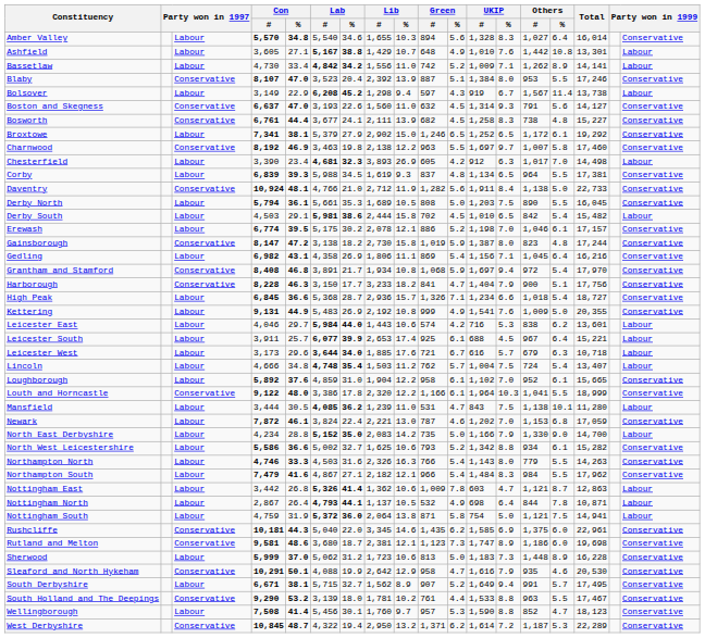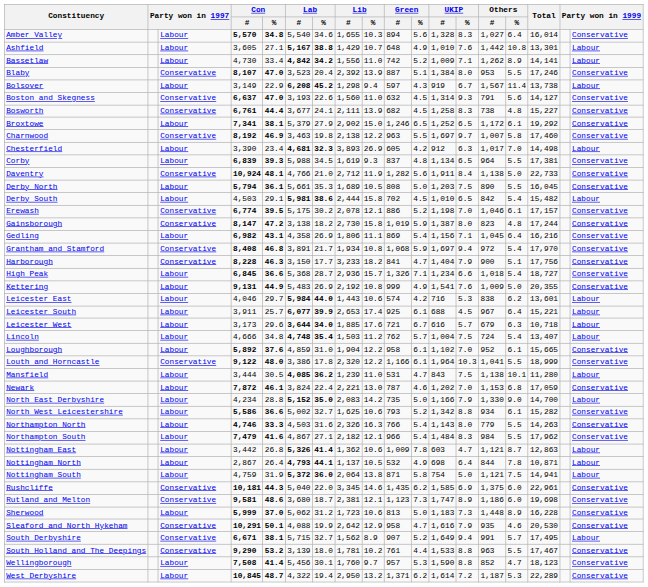 <table class="wikitable sortable" style="font-size: 95%;">
 <tr>
 <th rowspan="2">Constituency</th>
 <th colspan="2" rowspan="2">Party won in <a href='#'>1997</a></th>
 <th colspan="2"><a href='#'>Con</a></th>
 <th colspan="2"><a href='#'>Lab</a></th>
 <th colspan="2"><a href='#'>Lib</a></th>
 <th colspan="2"><a href='#'>Green</a></th>
 <th colspan="2"><a href='#'>UKIP</a></th>
 <th colspan="2">Others</th>
 <th rowspan="2">Total</th>
 <th colspan="2" rowspan="2">Party won in <a href='#'>1999</a></th>
 </tr>
 <tr>
 <th>#</th>
 <th>%</th>
 <th>#</th>
 <th>%</th>
 <th>#</th>
 <th>%</th>
 <th>#</th>
 <th>%</th>
 <th>#</th>
 <th>%</th>
 <th>#</th>
 <th>%</th>
 </tr>
 <tr>
 <td><a href='#'>Amber Valley</a></td>
 <td style="color:inherit;background:"> </td>
 <td><a href='#'>Labour</a></td>
 <td><strong>5,570</strong></td>
 <td><strong>34.8</strong></td>
 <td>5,540</td>
 <td>34.6</td>
 <td>1,655</td>
 <td>10.3</td>
 <td>894</td>
 <td>5.6</td>
 <td>1,328</td>
 <td>8.3</td>
 <td>1,027</td>
 <td>6.4</td>
 <td>16,014</td>
 <td style="color:inherit;background:"> </td>
 <td><a href='#'>Conservative</a></td>
 </tr>
 <tr>
 <td><a href='#'>Ashfield</a></td>
 <td style="color:inherit;background:"> </td>
 <td><a href='#'>Labour</a></td>
 <td>3,605</td>
 <td>27.1</td>
 <td><strong>5,167</strong></td>
 <td><strong>38.8</strong></td>
 <td>1,429</td>
 <td>10.7</td>
 <td>648</td>
 <td>4.9</td>
 <td>1,010</td>
 <td>7.6</td>
 <td>1,442</td>
 <td>10.8</td>
 <td>13,301</td>
 <td style="color:inherit;background:"> </td>
 <td><a href='#'>Labour</a></td>
 </tr>
 <tr>
 <td><a href='#'>Bassetlaw</a></td>
 <td style="color:inherit;background:"> </td>
 <td><a href='#'>Labour</a></td>
 <td>4,730</td>
 <td>33.4</td>
 <td><strong>4,842</strong></td>
 <td><strong>34.2</strong></td>
 <td>1,556</td>
 <td>11.0</td>
 <td>742</td>
 <td>5.2</td>
 <td>1,009</td>
 <td>7.1</td>
 <td>1,262</td>
 <td>8.9</td>
 <td>14,141</td>
 <td style="color:inherit;background:"> </td>
 <td><a href='#'>Labour</a></td>
 </tr>
 <tr>
 <td><a href='#'>Blaby</a></td>
 <td style="color:inherit;background:"> </td>
 <td><a href='#'>Conservative</a></td>
 <td><strong>8,107</strong></td>
 <td><strong>47.0</strong></td>
 <td>3,523</td>
 <td>20.4</td>
 <td>2,392</td>
 <td>13.9</td>
 <td>887</td>
 <td>5.1</td>
 <td>1,384</td>
 <td>8.0</td>
 <td>953</td>
 <td>5.5</td>
 <td>17,246</td>
 <td style="color:inherit;background:"> </td>
 <td><a href='#'>Conservative</a></td>
 </tr>
 <tr>
 <td><a href='#'>Bolsover</a></td>
 <td style="color:inherit;background:"> </td>
 <td><a href='#'>Labour</a></td>
 <td>3,149</td>
 <td>22.9</td>
 <td><strong>6,208</strong></td>
 <td><strong>45.2</strong></td>
 <td>1,298</td>
 <td>9.4</td>
 <td>597</td>
 <td>4.3</td>
 <td>919</td>
 <td>6.7</td>
 <td>1,567</td>
 <td>11.4</td>
 <td>13,738</td>
 <td style="color:inherit;background:"> </td>
 <td><a href='#'>Labour</a></td>
 </tr>
 <tr>
 <td><a href='#'>Boston and Skegness</a></td>
 <td style="color:inherit;background:"> </td>
 <td><a href='#'>Conservative</a></td>
 <td><strong>6,637</strong></td>
 <td><strong>47.0</strong></td>
 <td>3,193</td>
 <td>22.6</td>
 <td>1,560</td>
 <td>11.0</td>
 <td>632</td>
 <td>4.5</td>
 <td>1,314</td>
 <td>9.3</td>
 <td>791</td>
 <td>5.6</td>
 <td>14,127</td>
 <td style="color:inherit;background:"> </td>
 <td><a href='#'>Conservative</a></td>
 </tr>
 <tr>
 <td><a href='#'>Bosworth</a></td>
 <td style="color:inherit;background:"> </td>
 <td><a href='#'>Conservative</a></td>
 <td><strong>6,761</strong></td>
 <td><strong>44.4</strong></td>
 <td>3,677</td>
 <td>24.1</td>
 <td>2,111</td>
 <td>13.9</td>
 <td>682</td>
 <td>4.5</td>
 <td>1,258</td>
 <td>8.3</td>
 <td>738</td>
 <td>4.8</td>
 <td>15,227</td>
 <td style="color:inherit;background:"> </td>
 <td><a href='#'>Conservative</a></td>
 </tr>
 <tr>
 <td><a href='#'>Broxtowe</a></td>
 <td style="color:inherit;background:"> </td>
 <td><a href='#'>Labour</a></td>
 <td><strong>7,341</strong></td>
 <td><strong>38.1</strong></td>
 <td>5,379</td>
 <td>27.9</td>
 <td>2,902</td>
 <td>15.0</td>
 <td>1,246</td>
 <td>6.5</td>
 <td>1,252</td>
 <td>6.5</td>
 <td>1,172</td>
 <td>6.1</td>
 <td>19,292</td>
 <td style="color:inherit;background:"> </td>
 <td><a href='#'>Conservative</a></td>
 </tr>
 <tr>
 <td><a href='#'>Charnwood</a></td>
 <td style="color:inherit;background:"> </td>
 <td><a href='#'>Conservative</a></td>
 <td><strong>8,192</strong></td>
 <td><strong>46.9</strong></td>
 <td>3,463</td>
 <td>19.8</td>
 <td>2,138</td>
 <td>12.2</td>
 <td>963</td>
 <td>5.5</td>
 <td>1,697</td>
 <td>9.7</td>
 <td>1,007</td>
 <td>5.8</td>
 <td>17,460</td>
 <td style="color:inherit;background:"> </td>
 <td><a href='#'>Conservative</a></td>
 </tr>
 <tr>
 <td><a href='#'>Chesterfield</a></td>
 <td style="color:inherit;background:"> </td>
 <td><a href='#'>Labour</a></td>
 <td>3,390</td>
 <td>23.4</td>
 <td><strong>4,681</strong></td>
 <td><strong>32.3</strong></td>
 <td>3,893</td>
 <td>26.9</td>
 <td>605</td>
 <td>4.2</td>
 <td>912</td>
 <td>6.3</td>
 <td>1,017</td>
 <td>7.0</td>
 <td>14,498</td>
 <td style="color:inherit;background:"> </td>
 <td><a href='#'>Labour</a></td>
 </tr>
 <tr>
 <td><a href='#'>Corby</a></td>
 <td style="color:inherit;background:"> </td>
 <td><a href='#'>Labour</a></td>
 <td><strong>6,839</strong></td>
 <td><strong>39.3</strong></td>
 <td>5,988</td>
 <td>34.5</td>
 <td>1,619</td>
 <td>9.3</td>
 <td>837</td>
 <td>4.8</td>
 <td>1,134</td>
 <td>6.5</td>
 <td>964</td>
 <td>5.5</td>
 <td>17,381</td>
 <td style="color:inherit;background:"> </td>
 <td><a href='#'>Conservative</a></td>
 </tr>
 <tr>
 <td><a href='#'>Daventry</a></td>
 <td style="color:inherit;background:"> </td>
 <td><a href='#'>Conservative</a></td>
 <td><strong>10,924</strong></td>
 <td><strong>48.1</strong></td>
 <td>4,766</td>
 <td>21.0</td>
 <td>2,712</td>
 <td>11.9</td>
 <td>1,282</td>
 <td>5.6</td>
 <td>1,911</td>
 <td>8.4</td>
 <td>1,138</td>
 <td>5.0</td>
 <td>22,733</td>
 <td style="color:inherit;background:"> </td>
 <td><a href='#'>Conservative</a></td>
 </tr>
 <tr>
 <td><a href='#'>Derby North</a></td>
 <td style="color:inherit;background:"> </td>
 <td><a href='#'>Labour</a></td>
 <td><strong>5,794</strong></td>
 <td><strong>36.1</strong></td>
 <td>5,661</td>
 <td>35.3</td>
 <td>1,689</td>
 <td>10.5</td>
 <td>808</td>
 <td>5.0</td>
 <td>1,203</td>
 <td>7.5</td>
 <td>890</td>
 <td>5.5</td>
 <td>16,045</td>
 <td style="color:inherit;background:"> </td>
 <td><a href='#'>Conservative</a></td>
 </tr>
 <tr>
 <td><a href='#'>Derby South</a></td>
 <td style="color:inherit;background:"> </td>
 <td><a href='#'>Labour</a></td>
 <td>4,503</td>
 <td>29.1</td>
 <td><strong>5,981</strong></td>
 <td><strong>38.6</strong></td>
 <td>2,444</td>
 <td>15.8</td>
 <td>702</td>
 <td>4.5</td>
 <td>1,010</td>
 <td>6.5</td>
 <td>842</td>
 <td>5.4</td>
 <td>15,482</td>
 <td style="color:inherit;background:"> </td>
 <td><a href='#'>Labour</a></td>
 </tr>
 <tr>
 <td><a href='#'>Erewash</a></td>
 <td style="color:inherit;background:"> </td>
-<td><a href='#'>Labour</a></td>
+<td><a href='#'>Conservative</a></td>
 <td><strong>6,774</strong></td>
 <td><strong>39.5</strong></td>
 <td>5,175</td>
 <td>30.2</td>
 <td>2,078</td>
 <td>12.1</td>
 <td>886</td>
 <td>5.2</td>
 <td>1,198</td>
 <td>7.0</td>
 <td>1,046</td>
 <td>6.1</td>
 <td>17,157</td>
 <td style="color:inherit;background:"> </td>
 <td><a href='#'>Conservative</a></td>
 </tr>
 <tr>
 <td><a href='#'>Gainsborough</a></td>
 <td style="color:inherit;background:"> </td>
 <td><a href='#'>Conservative</a></td>
 <td><strong>8,147</strong></td>
 <td><strong>47.2</strong></td>
 <td>3,138</td>
 <td>18.2</td>
 <td>2,730</td>
 <td>15.8</td>
 <td>1,019</td>
 <td>5.9</td>
 <td>1,387</td>
 <td>8.0</td>
 <td>823</td>
 <td>4.8</td>
 <td>17,244</td>
 <td style="color:inherit;background:"> </td>
 <td><a href='#'>Conservative</a></td>
 </tr>
 <tr>
 <td><a href='#'>Gedling</a></td>
 <td style="color:inherit;background:"> </td>
 <td><a href='#'>Labour</a></td>
 <td><strong>6,982</strong></td>
 <td><strong>43.1</strong></td>
 <td>4,358</td>
 <td>26.9</td>
 <td>1,806</td>
 <td>11.1</td>
 <td>869</td>
 <td>5.4</td>
 <td>1,156</td>
 <td>7.1</td>
 <td>1,045</td>
 <td>6.4</td>
 <td>16,216</td>
 <td style="color:inherit;background:"> </td>
 <td><a href='#'>Conservative</a></td>
 </tr>
 <tr>
 <td><a href='#'>Grantham and Stamford</a></td>
 <td style="color:inherit;background:"> </td>
 <td><a href='#'>Conservative</a></td>
 <td><strong>8,408</strong></td>
 <td><strong>46.8</strong></td>
 <td>3,891</td>
 <td>21.7</td>
 <td>1,934</td>
 <td>10.8</td>
 <td>1,068</td>
 <td>5.9</td>
 <td>1,697</td>
 <td>9.4</td>
 <td>972</td>
 <td>5.4</td>
 <td>17,970</td>
 <td style="color:inherit;background:"> </td>
 <td><a href='#'>Conservative</a></td>
 </tr>
 <tr>
 <td><a href='#'>Harborough</a></td>
 <td style="color:inherit;background:"> </td>
 <td><a href='#'>Conservative</a></td>
 <td><strong>8,228</strong></td>
 <td><strong>46.3</strong></td>
 <td>3,150</td>
 <td>17.7</td>
 <td>3,233</td>
 <td>18.2</td>
 <td>841</td>
 <td>4.7</td>
 <td>1,404</td>
 <td>7.9</td>
 <td>900</td>
 <td>5.1</td>
 <td>17,756</td>
 <td style="color:inherit;background:"> </td>
 <td><a href='#'>Conservative</a></td>
 </tr>
 <tr>
 <td><a href='#'>High Peak</a></td>
 <td style="color:inherit;background:"> </td>
 <td><a href='#'>Labour</a></td>
 <td><strong>6,845</strong></td>
 <td><strong>36.6</strong></td>
 <td>5,368</td>
 <td>28.7</td>
 <td>2,936</td>
 <td>15.7</td>
 <td>1,326</td>
 <td>7.1</td>
 <td>1,234</td>
 <td>6.6</td>
 <td>1,018</td>
 <td>5.4</td>
 <td>18,727</td>
 <td style="color:inherit;background:"> </td>
 <td><a href='#'>Conservative</a></td>
 </tr>
 <tr>
 <td><a href='#'>Kettering</a></td>
 <td style="color:inherit;background:"> </td>
 <td><a href='#'>Labour</a></td>
 <td><strong>9,131</strong></td>
 <td><strong>44.9</strong></td>
 <td>5,483</td>
 <td>26.9</td>
 <td>2,192</td>
 <td>10.8</td>
 <td>999</td>
 <td>4.9</td>
 <td>1,541</td>
 <td>7.6</td>
 <td>1,009</td>
 <td>5.0</td>
 <td>20,355</td>
 <td style="color:inherit;background:"> </td>
 <td><a href='#'>Conservative</a></td>
 </tr>
 <tr>
 <td><a href='#'>Leicester East</a></td>
 <td style="color:inherit;background:"> </td>
 <td><a href='#'>Labour</a></td>
 <td>4,046</td>
 <td>29.7</td>
 <td><strong>5,984</strong></td>
 <td><strong>44.0</strong></td>
 <td>1,443</td>
 <td>10.6</td>
 <td>574</td>
 <td>4.2</td>
 <td>716</td>
 <td>5.3</td>
 <td>838</td>
 <td>6.2</td>
 <td>13,601</td>
 <td style="color:inherit;background:"> </td>
 <td><a href='#'>Labour</a></td>
 </tr>
 <tr>
 <td><a href='#'>Leicester South</a></td>
 <td style="color:inherit;background:"> </td>
 <td><a href='#'>Labour</a></td>
 <td>3,911</td>
 <td>25.7</td>
 <td><strong>6,077</strong></td>
 <td><strong>39.9</strong></td>
 <td>2,653</td>
 <td>17.4</td>
 <td>925</td>
 <td>6.1</td>
 <td>688</td>
 <td>4.5</td>
 <td>967</td>
 <td>6.4</td>
 <td>15,221</td>
 <td style="color:inherit;background:"> </td>
 <td><a href='#'>Labour</a></td>
 </tr>
 <tr>
 <td><a href='#'>Leicester West</a></td>
 <td style="color:inherit;background:"> </td>
 <td><a href='#'>Labour</a></td>
 <td>3,173</td>
 <td>29.6</td>
 <td><strong>3,644</strong></td>
 <td><strong>34.0</strong></td>
 <td>1,885</td>
 <td>17.6</td>
 <td>721</td>
 <td>6.7</td>
 <td>616</td>
 <td>5.7</td>
 <td>679</td>
 <td>6.3</td>
 <td>10,718</td>
 <td style="color:inherit;background:"> </td>
 <td><a href='#'>Labour</a></td>
 </tr>
 <tr>
 <td><a href='#'>Lincoln</a></td>
 <td style="color:inherit;background:"> </td>
 <td><a href='#'>Labour</a></td>
 <td>4,666</td>
 <td>34.8</td>
 <td><strong>4,748</strong></td>
 <td><strong>35.4</strong></td>
 <td>1,503</td>
 <td>11.2</td>
 <td>762</td>
 <td>5.7</td>
 <td>1,004</td>
 <td>7.5</td>
 <td>724</td>
 <td>5.4</td>
 <td>13,407</td>
 <td style="color:inherit;background:"> </td>
 <td><a href='#'>Labour</a></td>
 </tr>
 <tr>
 <td><a href='#'>Loughborough</a></td>
 <td style="color:inherit;background:"> </td>
 <td><a href='#'>Labour</a></td>
 <td><strong>5,892</strong></td>
 <td><strong>37.6</strong></td>
 <td>4,859</td>
 <td>31.0</td>
 <td>1,904</td>
 <td>12.2</td>
 <td>958</td>
 <td>6.1</td>
 <td>1,102</td>
 <td>7.0</td>
 <td>952</td>
 <td>6.1</td>
 <td>15,665</td>
 <td style="color:inherit;background:"> </td>
 <td><a href='#'>Conservative</a></td>
 </tr>
 <tr>
 <td><a href='#'>Louth and Horncastle</a></td>
 <td style="color:inherit;background:"> </td>
 <td><a href='#'>Conservative</a></td>
 <td><strong>9,122</strong></td>
 <td><strong>48.0</strong></td>
 <td>3,386</td>
 <td>17.8</td>
 <td>2,320</td>
 <td>12.2</td>
 <td>1,166</td>
 <td>6.1</td>
 <td>1,964</td>
 <td>10.3</td>
 <td>1,041</td>
 <td>5.5</td>
 <td>18,999</td>
 <td style="color:inherit;background:"> </td>
 <td><a href='#'>Conservative</a></td>
 </tr>
 <tr>
 <td><a href='#'>Mansfield</a></td>
 <td style="color:inherit;background:"> </td>
 <td><a href='#'>Labour</a></td>
 <td>3,444</td>
 <td>30.5</td>
 <td><strong>4,085</strong></td>
 <td><strong>36.2</strong></td>
 <td>1,239</td>
 <td>11.0</td>
 <td>531</td>
 <td>4.7</td>
 <td>843</td>
 <td>7.5</td>
 <td>1,138</td>
 <td>10.1</td>
 <td>11,280</td>
 <td style="color:inherit;background:"> </td>
 <td><a href='#'>Labour</a></td>
 </tr>
 <tr>
 <td><a href='#'>Newark</a></td>
 <td style="color:inherit;background:"> </td>
 <td><a href='#'>Labour</a></td>
 <td><strong>7,872</strong></td>
 <td><strong>46.1</strong></td>
 <td>3,824</td>
 <td>22.4</td>
 <td>2,221</td>
 <td>13.0</td>
 <td>787</td>
 <td>4.6</td>
 <td>1,202</td>
 <td>7.0</td>
 <td>1,153</td>
 <td>6.8</td>
 <td>17,059</td>
 <td style="color:inherit;background:"> </td>
 <td><a href='#'>Conservative</a></td>
 </tr>
 <tr>
 <td><a href='#'>North East Derbyshire</a></td>
 <td style="color:inherit;background:"> </td>
 <td><a href='#'>Labour</a></td>
 <td>4,234</td>
 <td>28.8</td>
 <td><strong>5,152</strong></td>
 <td><strong>35.0</strong></td>
 <td>2,083</td>
 <td>14.2</td>
 <td>735</td>
 <td>5.0</td>
 <td>1,166</td>
 <td>7.9</td>
 <td>1,330</td>
 <td>9.0</td>
 <td>14,700</td>
 <td style="color:inherit;background:"> </td>
 <td><a href='#'>Labour</a></td>
 </tr>
 <tr>
 <td><a href='#'>North West Leicestershire</a></td>
 <td style="color:inherit;background:"> </td>
 <td><a href='#'>Labour</a></td>
 <td><strong>5,586</strong></td>
 <td><strong>36.6</strong></td>
 <td>5,002</td>
 <td>32.7</td>
 <td>1,625</td>
 <td>10.6</td>
 <td>793</td>
 <td>5.2</td>
 <td>1,342</td>
 <td>8.8</td>
 <td>934</td>
 <td>6.1</td>
 <td>15,282</td>
 <td style="color:inherit;background:"> </td>
 <td><a href='#'>Conservative</a></td>
 </tr>
 <tr>
 <td><a href='#'>Northampton North</a></td>
 <td style="color:inherit;background:"> </td>
 <td><a href='#'>Labour</a></td>
 <td><strong>4,746</strong></td>
 <td><strong>33.3</strong></td>
 <td>4,503</td>
 <td>31.6</td>
 <td>2,326</td>
 <td>16.3</td>
 <td>766</td>
 <td>5.4</td>
 <td>1,143</td>
 <td>8.0</td>
 <td>779</td>
 <td>5.5</td>
 <td>14,263</td>
 <td style="color:inherit;background:"> </td>
 <td><a href='#'>Conservative</a></td>
 </tr>
 <tr>
 <td><a href='#'>Northampton South</a></td>
 <td style="color:inherit;background:"> </td>
 <td><a href='#'>Labour</a></td>
 <td><strong>7,479</strong></td>
 <td><strong>41.6</strong></td>
 <td>4,867</td>
 <td>27.1</td>
 <td>2,182</td>
 <td>12.1</td>
 <td>966</td>
 <td>5.4</td>
 <td>1,484</td>
 <td>8.3</td>
 <td>984</td>
 <td>5.5</td>
 <td>17,962</td>
 <td style="color:inherit;background:"> </td>
 <td><a href='#'>Conservative</a></td>
 </tr>
 <tr>
 <td><a href='#'>Nottingham East</a></td>
 <td style="color:inherit;background:"> </td>
 <td><a href='#'>Labour</a></td>
 <td>3,442</td>
 <td>26.8</td>
 <td><strong>5,326</strong></td>
 <td><strong>41.4</strong></td>
 <td>1,362</td>
 <td>10.6</td>
 <td>1,009</td>
 <td>7.8</td>
 <td>603</td>
 <td>4.7</td>
 <td>1,121</td>
 <td>8.7</td>
 <td>12,863</td>
 <td style="color:inherit;background:"> </td>
 <td><a href='#'>Labour</a></td>
 </tr>
 <tr>
 <td><a href='#'>Nottingham North</a></td>
 <td style="color:inherit;background:"> </td>
 <td><a href='#'>Labour</a></td>
 <td>2,867</td>
 <td>26.4</td>
 <td><strong>4,793</strong></td>
 <td><strong>44.1</strong></td>
 <td>1,137</td>
 <td>10.5</td>
 <td>532</td>
 <td>4.9</td>
 <td>698</td>
 <td>6.4</td>
 <td>844</td>
 <td>7.8</td>
 <td>10,871</td>
 <td style="color:inherit;background:"> </td>
 <td><a href='#'>Labour</a></td>
 </tr>
 <tr>
 <td><a href='#'>Nottingham South</a></td>
 <td style="color:inherit;background:"> </td>
 <td><a href='#'>Labour</a></td>
 <td>4,759</td>
 <td>31.9</td>
 <td><strong>5,372</strong></td>
 <td><strong>36.0</strong></td>
 <td>2,064</td>
 <td>13.8</td>
 <td>871</td>
 <td>5.8</td>
 <td>754</td>
 <td>5.0</td>
 <td>1,121</td>
 <td>7.5</td>
 <td>14,941</td>
 <td style="color:inherit;background:"> </td>
 <td><a href='#'>Labour</a></td>
 </tr>
 <tr>
 <td><a href='#'>Rushcliffe</a></td>
 <td style="color:inherit;background:"> </td>
 <td><a href='#'>Conservative</a></td>
 <td><strong>10,181</strong></td>
 <td><strong>44.3</strong></td>
 <td>5,040</td>
 <td>22.0</td>
 <td>3,345</td>
 <td>14.6</td>
 <td>1,435</td>
 <td>6.2</td>
 <td>1,585</td>
 <td>6.9</td>
 <td>1,375</td>
 <td>6.0</td>
 <td>22,961</td>
 <td style="color:inherit;background:"> </td>
 <td><a href='#'>Conservative</a></td>
 </tr>
 <tr>
 <td><a href='#'>Rutland and Melton</a></td>
 <td style="color:inherit;background:"> </td>
 <td><a href='#'>Conservative</a></td>
 <td><strong>9,581</strong></td>
 <td><strong>48.6</strong></td>
 <td>3,680</td>
 <td>18.7</td>
 <td>2,381</td>
 <td>12.1</td>
 <td>1,123</td>
 <td>7.3</td>
 <td>1,747</td>
 <td>8.9</td>
 <td>1,186</td>
 <td>6.0</td>
 <td>19,698</td>
 <td style="color:inherit;background:"> </td>
 <td><a href='#'>Conservative</a></td>
 </tr>
 <tr>
 <td><a href='#'>Sherwood</a></td>
 <td style="color:inherit;background:"> </td>
 <td><a href='#'>Labour</a></td>
 <td><strong>5,999</strong></td>
 <td><strong>37.0</strong></td>
 <td>5,062</td>
 <td>31.2</td>
 <td>1,723</td>
 <td>10.6</td>
 <td>813</td>
 <td>5.0</td>
 <td>1,183</td>
 <td>7.3</td>
 <td>1,448</td>
 <td>8.9</td>
 <td>16,228</td>
 <td style="color:inherit;background:"> </td>
 <td><a href='#'>Conservative</a></td>
 </tr>
 <tr>
 <td><a href='#'>Sleaford and North Hykeham</a></td>
 <td style="color:inherit;background:"> </td>
 <td><a href='#'>Conservative</a></td>
 <td><strong>10,291</strong></td>
 <td><strong>50.1</strong></td>
 <td>4,088</td>
 <td>19.9</td>
 <td>2,642</td>
 <td>12.9</td>
 <td>958</td>
 <td>4.7</td>
 <td>1,616</td>
 <td>7.9</td>
 <td>935</td>
 <td>4.6</td>
 <td>20,530</td>
 <td style="color:inherit;background:"> </td>
 <td><a href='#'>Conservative</a></td>
 </tr>
 <tr>
 <td><a href='#'>South Derbyshire</a></td>
 <td style="color:inherit;background:"> </td>
-<td><a href='#'>Labour</a></td>
+<td><a href='#'>Conservative</a></td>
 <td><strong>6,671</strong></td>
 <td><strong>38.1</strong></td>
 <td>5,715</td>
 <td>32.7</td>
 <td>1,562</td>
 <td>8.9</td>
 <td>907</td>
 <td>5.2</td>
 <td>1,649</td>
 <td>9.4</td>
 <td>991</td>
 <td>5.7</td>
 <td>17,495</td>
 <td style="color:inherit;background:"> </td>
-<td><a href='#'>Conservative</a></td>
+<td><a href='#'>Labour</a></td>
 </tr>
 <tr>
 <td><a href='#'>South Holland and The Deepings</a></td>
 <td style="color:inherit;background:"> </td>
 <td><a href='#'>Conservative</a></td>
 <td><strong>9,290</strong></td>
 <td><strong>53.2</strong></td>
 <td>3,139</td>
 <td>18.0</td>
 <td>1,781</td>
 <td>10.2</td>
 <td>761</td>
 <td>4.4</td>
 <td>1,533</td>
 <td>8.8</td>
 <td>963</td>
 <td>5.5</td>
 <td>17,467</td>
 <td style="color:inherit;background:"> </td>
 <td><a href='#'>Conservative</a></td>
 </tr>
 <tr>
 <td><a href='#'>Wellingborough</a></td>
 <td style="color:inherit;background:"> </td>
 <td><a href='#'>Labour</a></td>
 <td><strong>7,508</strong></td>
 <td><strong>41.4</strong></td>
 <td>5,456</td>
 <td>30.1</td>
 <td>1,760</td>
 <td>9.7</td>
 <td>957</td>
 <td>5.3</td>
 <td>1,590</td>
 <td>8.8</td>
 <td>852</td>
 <td>4.7</td>
 <td>18,123</td>
 <td style="color:inherit;background:"> </td>
 <td><a href='#'>Conservative</a></td>
 </tr>
 <tr>
 <td><a href='#'>West Derbyshire</a></td>
 <td style="color:inherit;background:"> </td>
-<td><a href='#'>Conservative</a></td>
+<td><a href='#'>Labour</a></td>
 <td><strong>10,845</strong></td>
 <td><strong>48.7</strong></td>
 <td>4,322</td>
 <td>19.4</td>
 <td>2,950</td>
 <td>13.2</td>
 <td>1,371</td>
 <td>6.2</td>
 <td>1,614</td>
 <td>7.2</td>
 <td>1,187</td>
 <td>5.3</td>
 <td>22,289</td>
 <td style="color:inherit;background:"> </td>
 <td><a href='#'>Conservative</a></td>
 </tr>
 </table>
